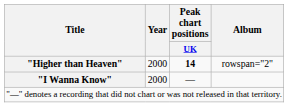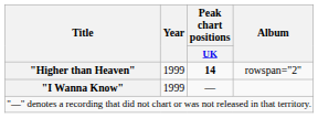 <table class="wikitable plainrowheaders" style="text-align:center;" border="1">
 <tr>
 <th rowspan="2" scope="col" style="width:14em;">Title</th>
 <th rowspan="2" scope="col" style="width:2em;">Year</th>
 <th colspan="1" scope="col">Peak chart positions</th>
 <th rowspan="2">Album</th>
 </tr>
 <tr>
 <th scope="col" style="width:3em;font-size:90%;"><a href='#'>UK</a></th>
 </tr>
 <tr>
 <th scope="row">"Higher than Heaven"</th>
-<td>2000</td>
+<td>1999</td>
 <td><strong>14</strong></td>
 <td>rowspan="2" </td>
 </tr>
 <tr>
 <th scope="row">"I Wanna Know"</th>
-<td>2000</td>
+<td>1999</td>
 <td>—</td>
 </tr>
 <tr>
 <td colspan="4" style="font-size:90%">"—" denotes a recording that did not chart or was not released in that territory.</td>
 </tr>
 </table>
